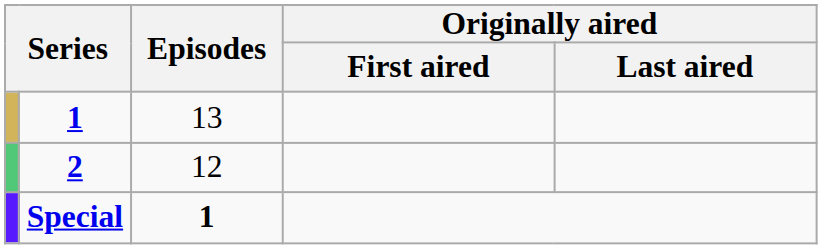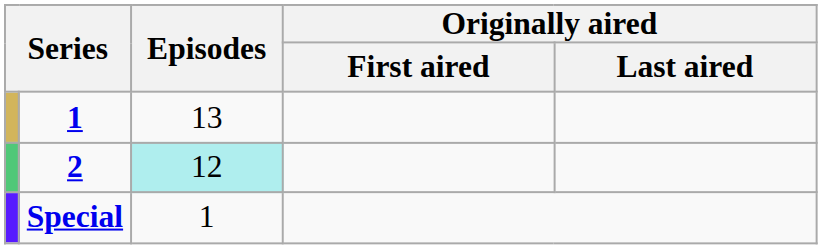 <table class="wikitable">
 <tr>
 <th style="padding:0 8px;" rowspan="2" colspan="2">Series</th>
 <th style="padding:0 8px;" rowspan="2">Episodes</th>
 <th style="padding:0 80px;" colspan="2">Originally aired</th>
 </tr>
 <tr>
 <th>First aired</th>
 <th>Last aired</th>
 </tr>
 <tr>
 <td style="background:#D2B55B; color:#100; text-align:center;"></td>
 <td style="text-align:center;"><strong><a href='#'>1</a></strong></td>
 <td style="text-align:center;">13</td>
 <td style="text-align:center;"></td>
 <td style="text-align:center;"></td>
 </tr>
 <tr>
 <td style="background:#50C878; color:#100; text-align:center;"></td>
 <td style="text-align:center;"><strong><a href='#'>2</a></strong></td>
-<td style="text-align:center;">12</td>
+<td style="background: paleturquoise; text-align:center;">12</td>
 <td style="text-align:center;"></td>
 <td style="text-align:center;"></td>
 </tr>
 <tr>
 <td style="background:#571AFF; color:#100; text-align:center;"></td>
 <td style="text-align:center;"><strong><a href='#'>Special</a></strong></td>
-<td style="text-align:center;"><strong>1</strong></td>
+<td style="text-align:center;">1</td>
 <td style="text-align:center;"colspan="2"></td>
 </tr>
 </table>
